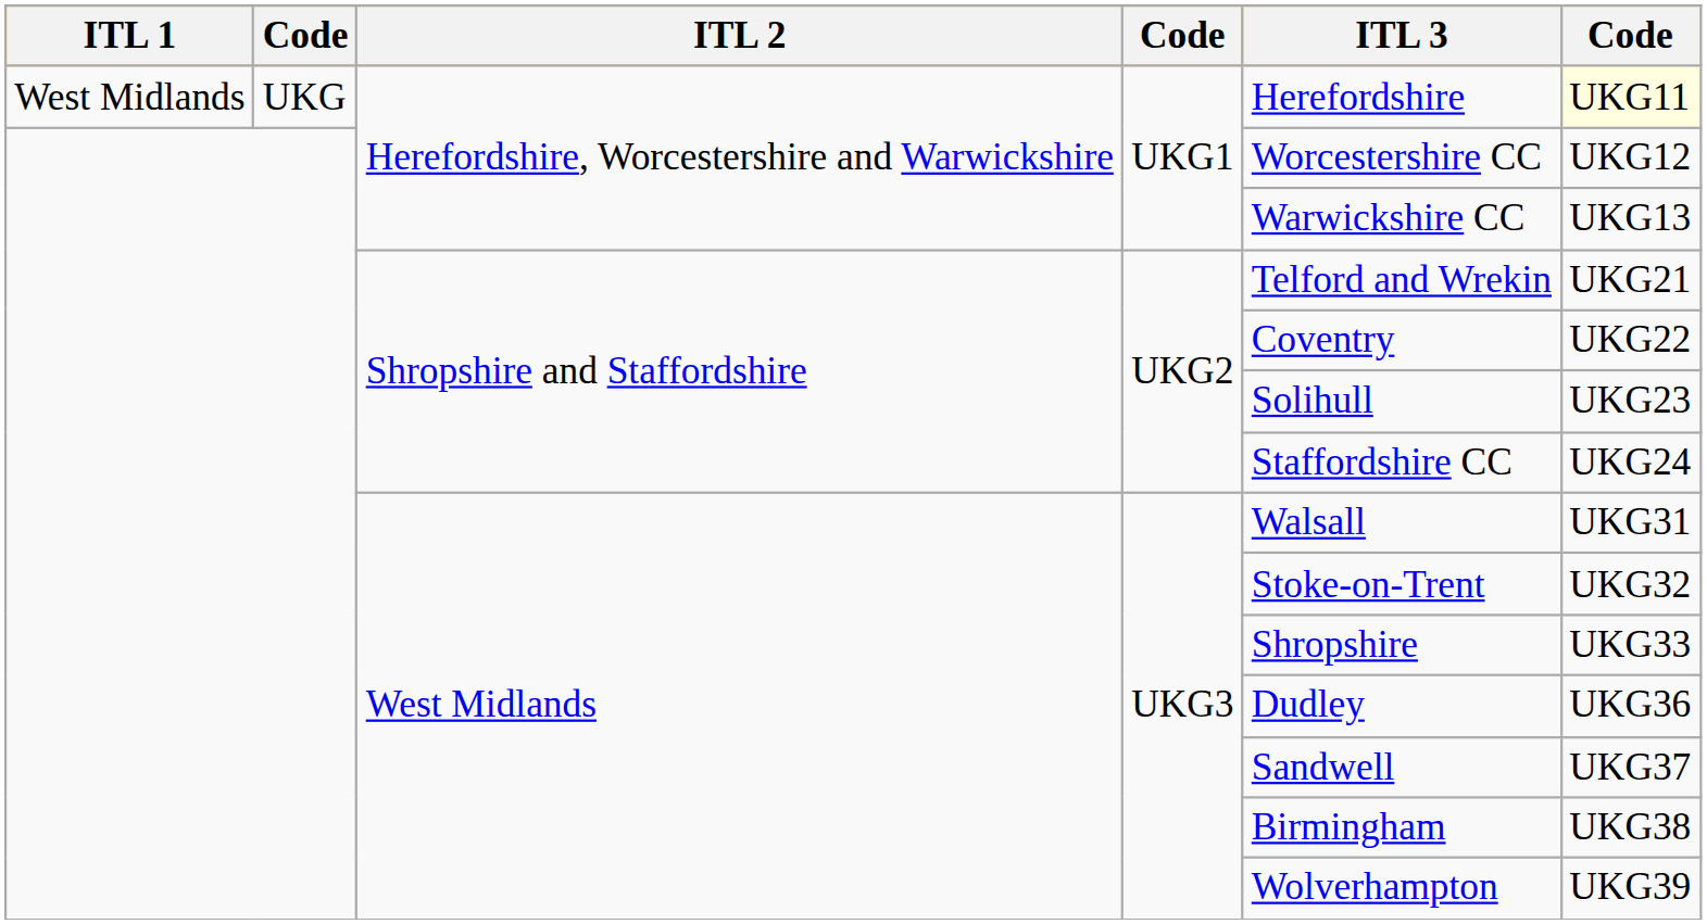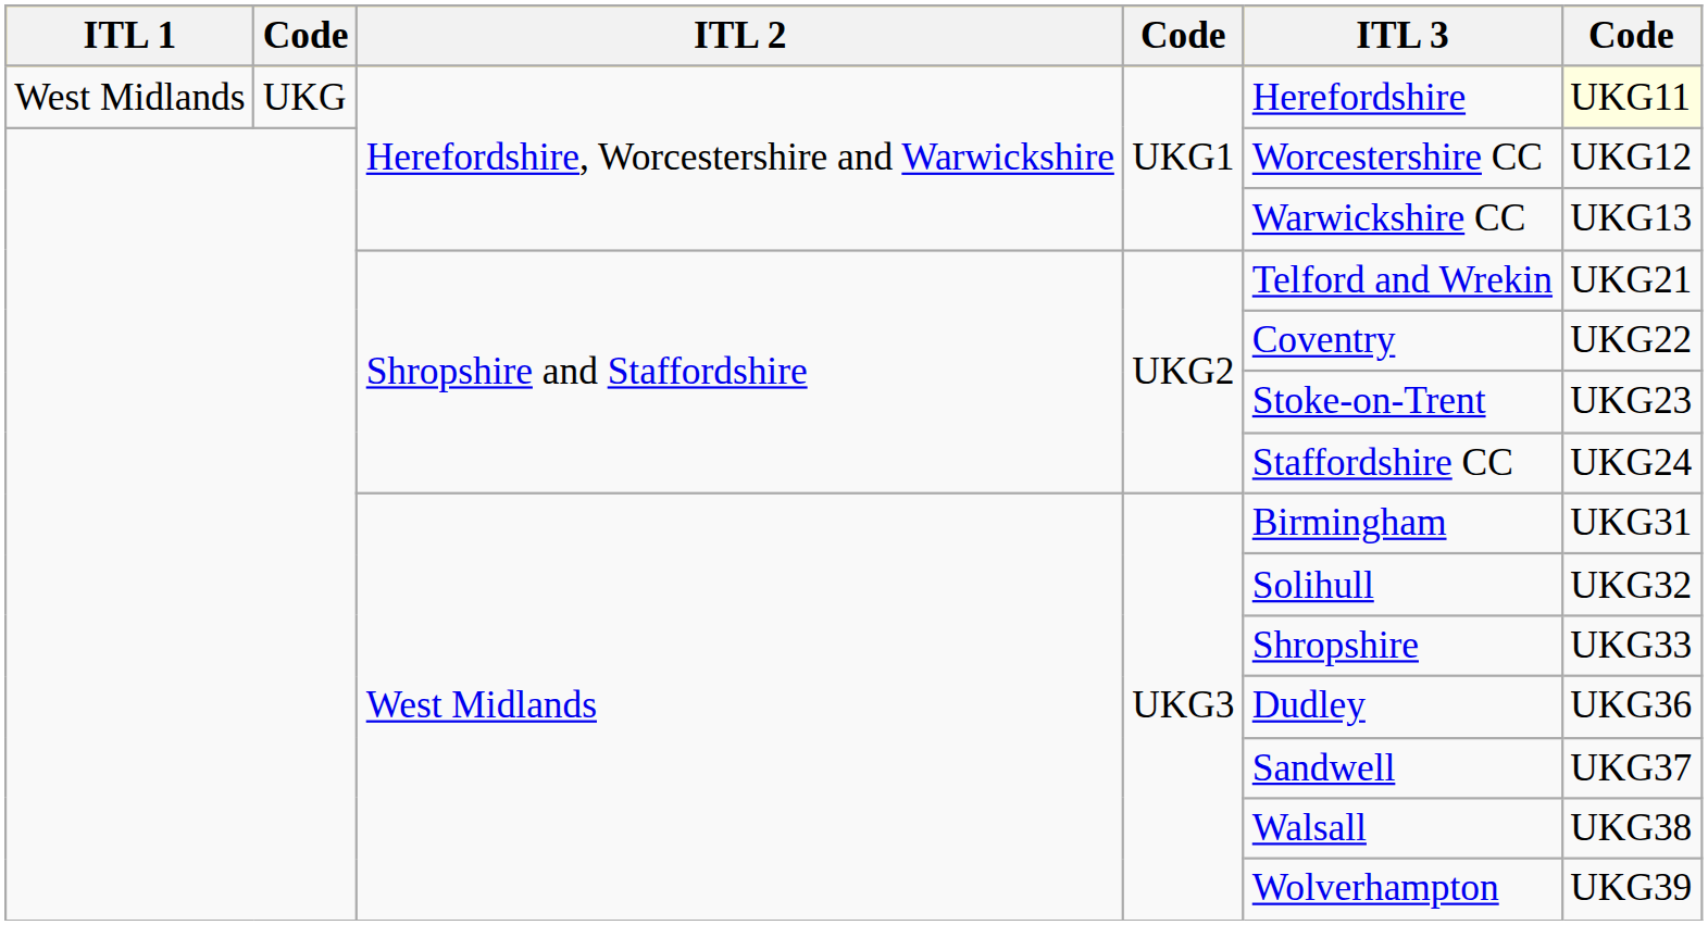 <table class="wikitable">
 <tr style="background:gold; text-align:left;">
 <th>ITL 1</th>
 <th>Code</th>
 <th>ITL 2</th>
 <th>Code</th>
 <th>ITL 3</th>
 <th>Code</th>
 </tr>
 <tr>
 <td>West Midlands</td>
 <td>UKG</td>
 <td rowspan=3><a href='#'>Herefordshire</a>, Worcestershire and <a href='#'>Warwickshire</a></td>
 <td rowspan=3>UKG1</td>
 <td><a href='#'>Herefordshire</a></td>
 <td style="background: lightyellow;">UKG11</td>
 </tr>
 <tr>
 <td rowspan="13" colspan="2" style="text-align:center;"></td>
 <td><a href='#'>Worcestershire</a> CC</td>
 <td>UKG12</td>
 </tr>
 <tr>
 <td><a href='#'>Warwickshire</a> CC</td>
 <td>UKG13</td>
 </tr>
 <tr>
 <td rowspan=4><a href='#'>Shropshire</a> and <a href='#'>Staffordshire</a></td>
 <td rowspan=4>UKG2</td>
 <td><a href='#'>Telford and Wrekin</a></td>
 <td>UKG21</td>
 </tr>
 <tr>
 <td><a href='#'>Coventry</a></td>
 <td>UKG22</td>
 </tr>
 <tr>
-<td><a href='#'>Solihull</a></td>
+<td><a href='#'>Stoke-on-Trent</a></td>
 <td>UKG23</td>
 </tr>
 <tr>
 <td><a href='#'>Staffordshire</a> CC</td>
 <td>UKG24</td>
 </tr>
 <tr>
 <td rowspan=7><a href='#'>West Midlands</a></td>
 <td rowspan=7>UKG3</td>
-<td><a href='#'>Walsall</a></td>
+<td><a href='#'>Birmingham</a></td>
 <td>UKG31</td>
 </tr>
 <tr>
-<td><a href='#'>Stoke-on-Trent</a></td>
+<td><a href='#'>Solihull</a></td>
 <td>UKG32</td>
 </tr>
 <tr>
 <td><a href='#'>Shropshire</a></td>
 <td>UKG33</td>
 </tr>
 <tr>
 <td><a href='#'>Dudley</a></td>
 <td>UKG36</td>
 </tr>
 <tr>
 <td><a href='#'>Sandwell</a></td>
 <td>UKG37</td>
 </tr>
 <tr>
-<td><a href='#'>Birmingham</a></td>
+<td><a href='#'>Walsall</a></td>
 <td>UKG38</td>
 </tr>
 <tr>
 <td><a href='#'>Wolverhampton</a></td>
 <td>UKG39</td>
 </tr>
 </table>
